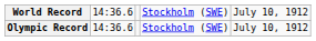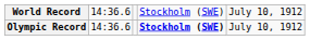 <table class="wikitable" style="font-size:95%;">
 <tr>
 <th>World Record</th>
 <td>14:36.6</td>
 <td></td>
 <td><a href='#'>Stockholm</a> (<a href='#'>SWE</a>)</td>
 <td>July 10, 1912</td>
 </tr>
 <tr>
 <th>Olympic Record</th>
 <td>14:36.6</td>
 <td></td>
-<td><a href='#'>Stockholm</a> (<a href='#'>SWE</a>)</td>
+<td><strong><a href='#'>Stockholm</a> (<a href='#'>SWE</a>)</strong></td>
 <td>July 10, 1912</td>
 </tr>
 </table>
